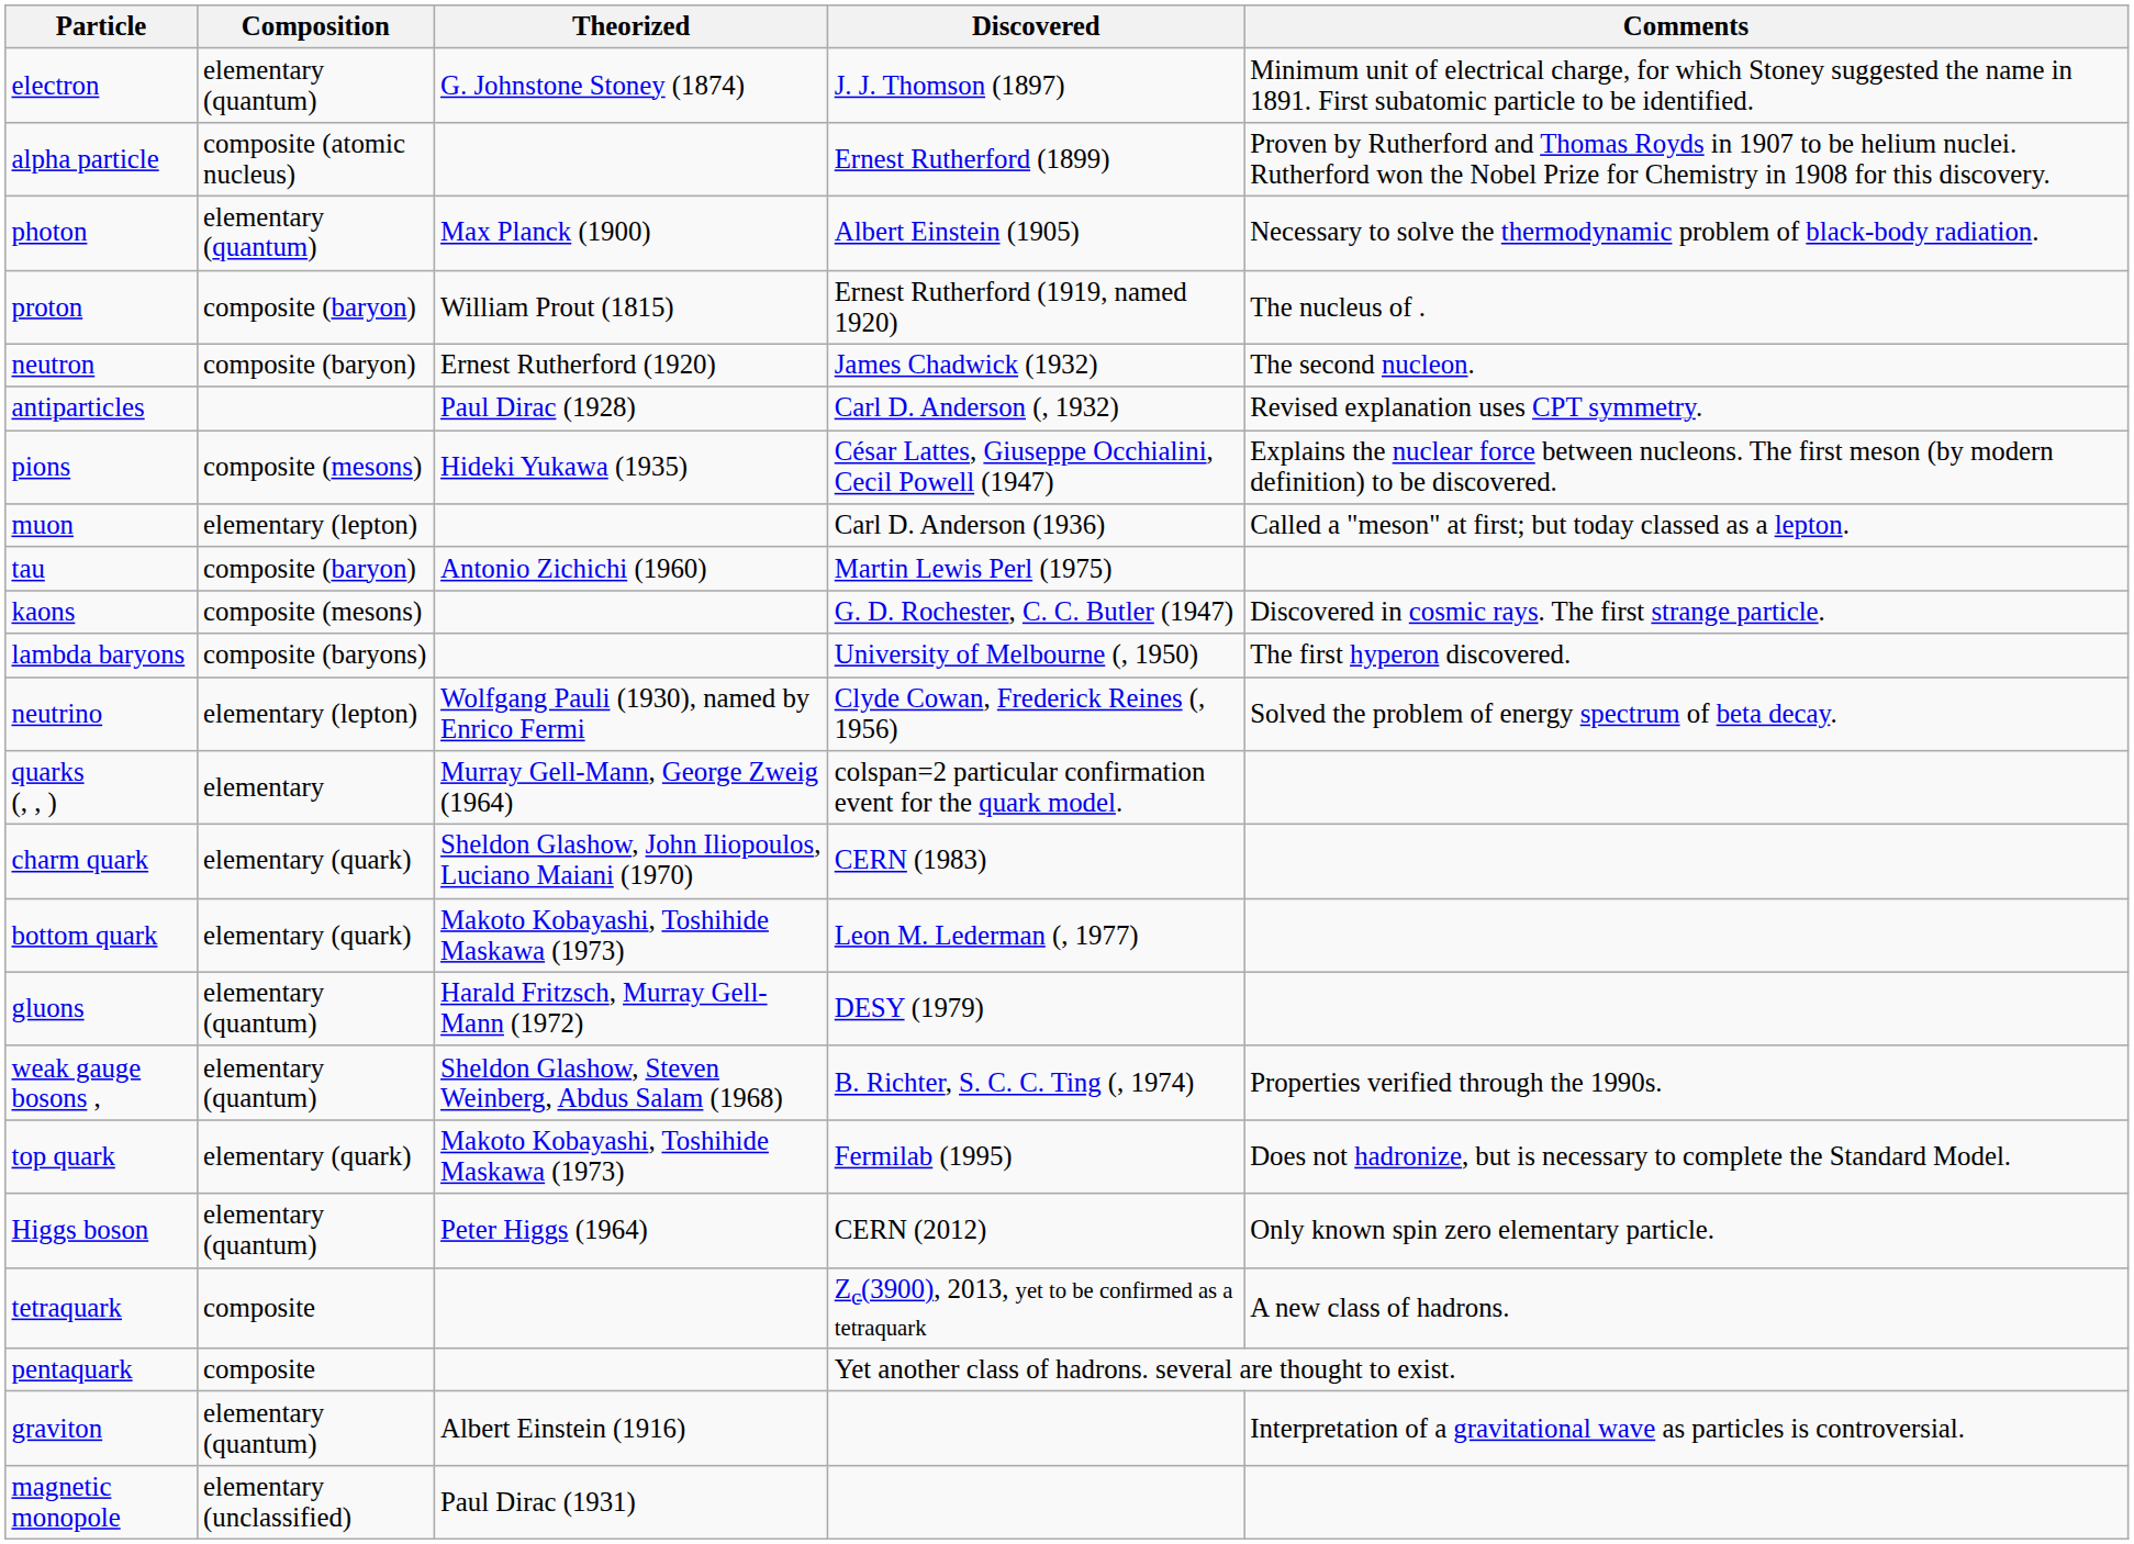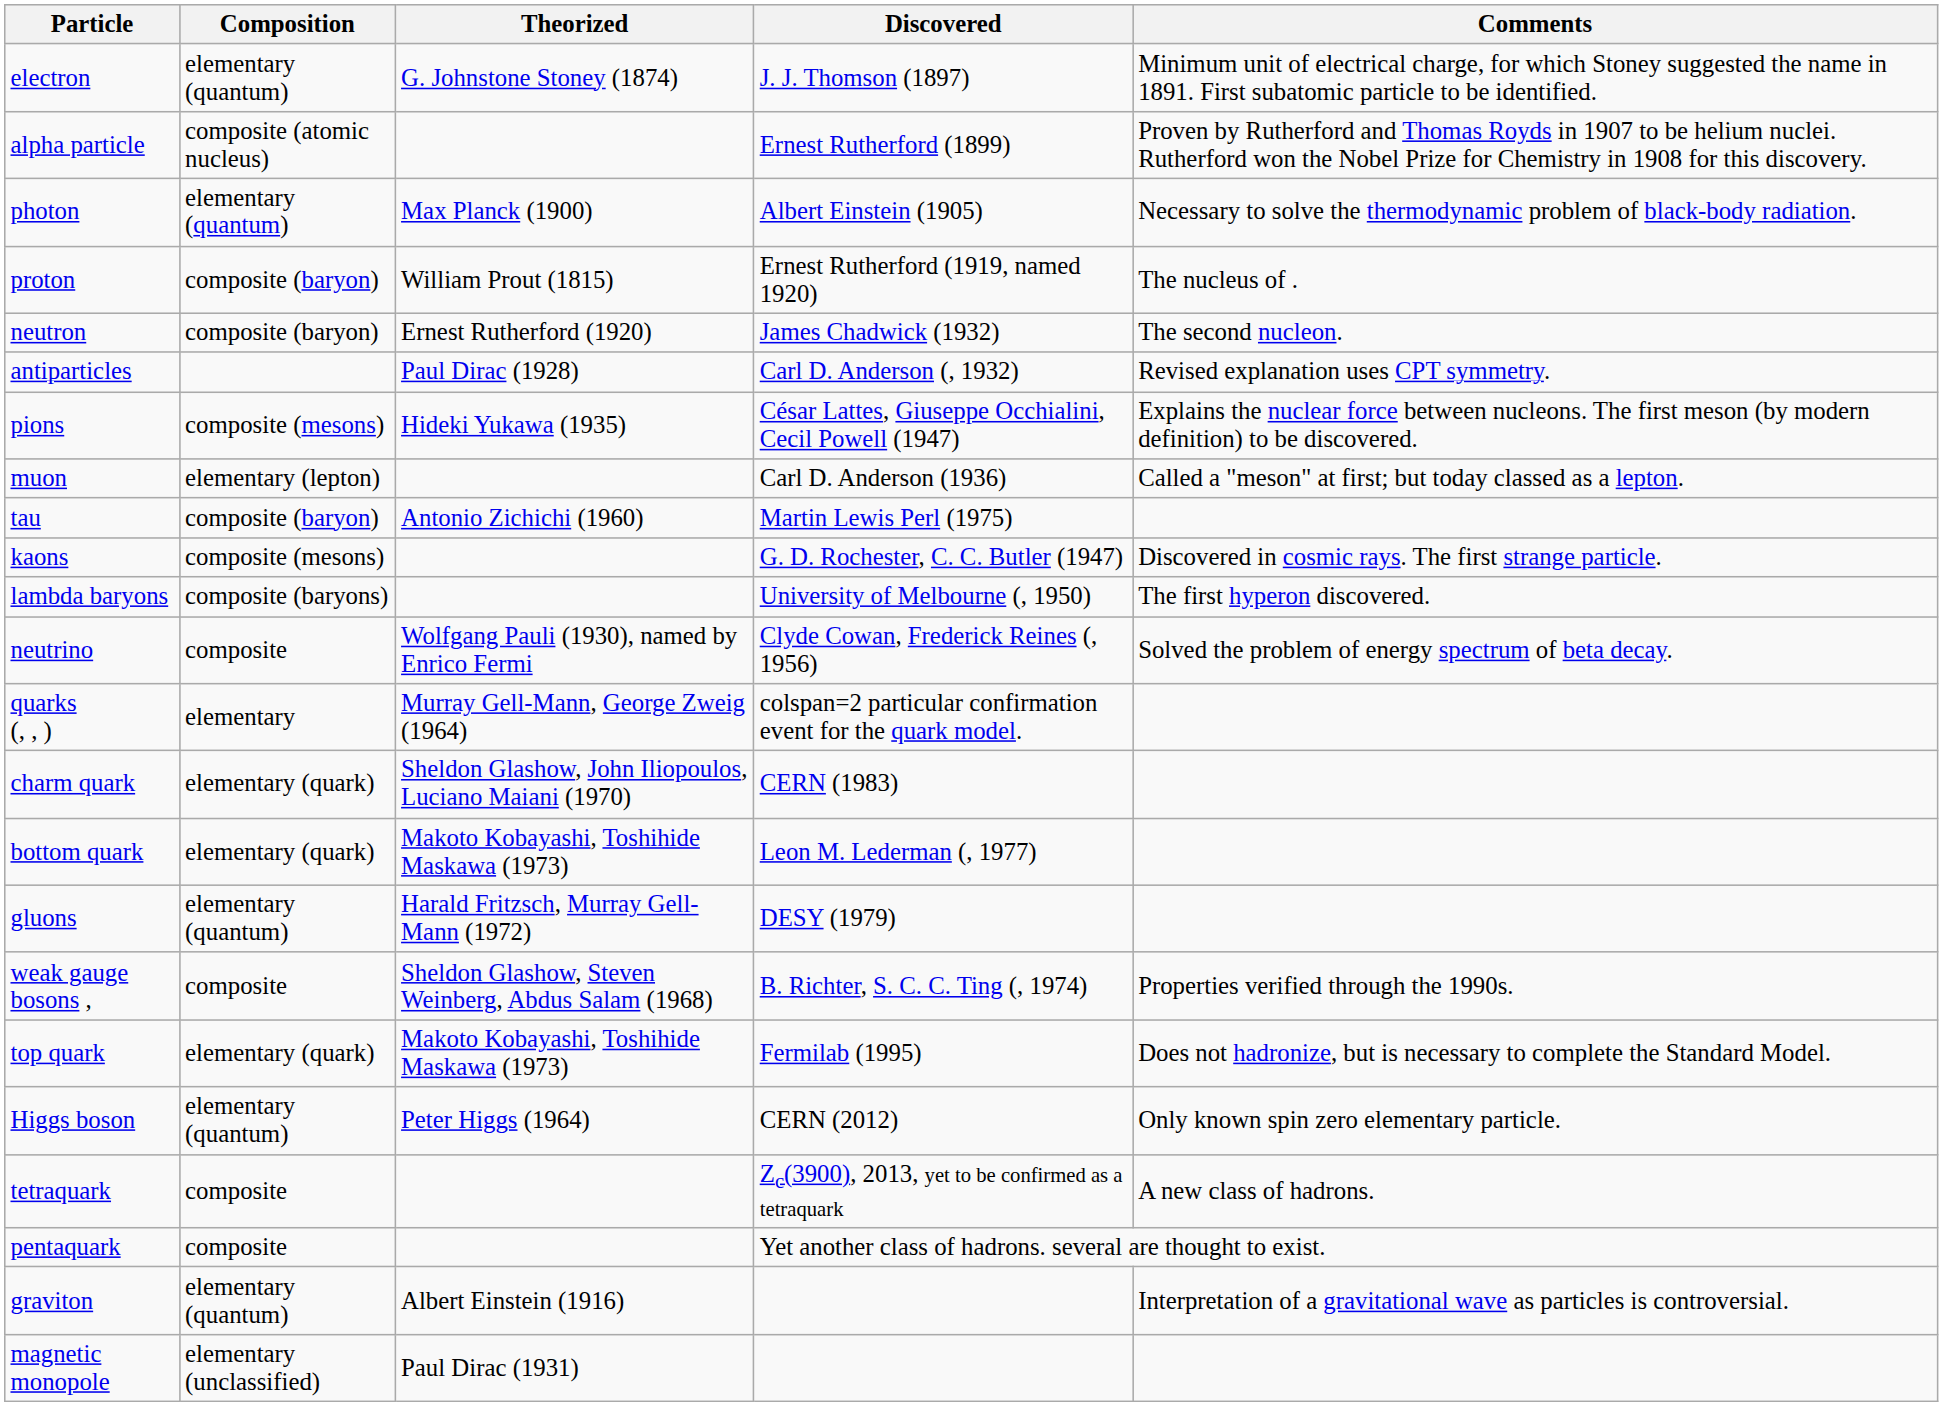 <table class="wikitable">
 <tr>
 <th>Particle</th>
 <th>Composition</th>
 <th>Theorized</th>
 <th>Discovered</th>
 <th>Comments</th>
 </tr>
 <tr>
 <td><a href='#'>electron</a> </td>
 <td>elementary (quantum)</td>
 <td><a href='#'>G. Johnstone Stoney</a> (1874)</td>
 <td><a href='#'>J. J. Thomson</a> (1897)</td>
 <td>Minimum unit of electrical charge, for which Stoney suggested the name in 1891. First subatomic particle to be identified.</td>
 </tr>
 <tr>
 <td><a href='#'>alpha particle</a> </td>
 <td>composite (atomic nucleus)</td>
 <td></td>
 <td><a href='#'>Ernest Rutherford</a> (1899)</td>
 <td>Proven by Rutherford and <a href='#'>Thomas Royds</a> in 1907 to be helium nuclei. Rutherford won the Nobel Prize for Chemistry in 1908 for this discovery.</td>
 </tr>
 <tr>
 <td><a href='#'>photon</a> </td>
 <td>elementary (<a href='#'>quantum</a>)</td>
 <td><a href='#'>Max Planck</a> (1900)</td>
 <td><a href='#'>Albert Einstein</a> (1905)</td>
 <td>Necessary to solve the <a href='#'>thermodynamic</a> problem of <a href='#'>black-body radiation</a>.</td>
 </tr>
 <tr>
 <td><a href='#'>proton</a> </td>
 <td>composite (<a href='#'>baryon</a>)</td>
 <td>William Prout (1815)</td>
 <td>Ernest Rutherford (1919, named 1920)</td>
 <td>The nucleus of .</td>
 </tr>
 <tr>
 <td><a href='#'>neutron</a> </td>
 <td>composite (baryon)</td>
 <td>Ernest Rutherford (1920)</td>
 <td><a href='#'>James Chadwick</a> (1932) </td>
 <td>The second <a href='#'>nucleon</a>.</td>
 </tr>
 <tr>
 <td><a href='#'>antiparticles</a></td>
 <td> </td>
 <td><a href='#'>Paul Dirac</a> (1928)</td>
 <td><a href='#'>Carl D. Anderson</a> (, 1932)</td>
 <td>Revised explanation uses <a href='#'>CPT symmetry</a>.</td>
 </tr>
 <tr>
 <td><a href='#'>pions</a> </td>
 <td>composite (<a href='#'>mesons</a>)</td>
 <td><a href='#'>Hideki Yukawa</a> (1935)</td>
 <td><a href='#'>César Lattes</a>, <a href='#'>Giuseppe Occhialini</a>, <a href='#'>Cecil Powell</a> (1947)</td>
 <td>Explains the <a href='#'>nuclear force</a> between nucleons. The first meson (by modern definition) to be discovered.</td>
 </tr>
 <tr>
 <td><a href='#'>muon</a> </td>
 <td>elementary (lepton)</td>
 <td></td>
 <td>Carl D. Anderson (1936)</td>
 <td>Called a "meson" at first; but today classed as a <a href='#'>lepton</a>.</td>
 </tr>
 <tr>
 <td><a href='#'>tau</a> </td>
 <td>composite (<a href='#'>baryon</a>)</td>
 <td><a href='#'>Antonio Zichichi</a> (1960) </td>
 <td><a href='#'>Martin Lewis Perl</a> (1975)</td>
 </tr>
 <tr>
 <td><a href='#'>kaons</a> </td>
 <td>composite (mesons)</td>
 <td></td>
 <td><a href='#'>G. D. Rochester</a>, <a href='#'>C. C. Butler</a> (1947)</td>
 <td>Discovered in <a href='#'>cosmic rays</a>. The first <a href='#'>strange particle</a>.</td>
 </tr>
 <tr>
 <td><a href='#'>lambda baryons</a> </td>
 <td>composite (baryons)</td>
 <td></td>
 <td><a href='#'>University of Melbourne</a> (, 1950)</td>
 <td>The first <a href='#'>hyperon</a> discovered.</td>
 </tr>
 <tr>
 <td><a href='#'>neutrino</a> </td>
-<td>elementary (lepton)</td>
+<td>composite</td>
 <td><a href='#'>Wolfgang Pauli</a> (1930), named by <a href='#'>Enrico Fermi</a></td>
 <td><a href='#'>Clyde Cowan</a>, <a href='#'>Frederick Reines</a> (, 1956)</td>
 <td>Solved the problem of energy <a href='#'>spectrum</a> of <a href='#'>beta decay</a>.</td>
 </tr>
 <tr>
 <td><a href='#'>quarks</a><br>(, , )</td>
 <td>elementary</td>
 <td><a href='#'>Murray Gell-Mann</a>, <a href='#'>George Zweig</a> (1964)</td>
 <td>colspan=2  particular confirmation event for the <a href='#'>quark model</a>.</td>
 </tr>
 <tr>
 <td><a href='#'>charm quark</a> </td>
 <td>elementary (quark)</td>
 <td><a href='#'>Sheldon Glashow</a>, <a href='#'>John Iliopoulos</a>, <a href='#'>Luciano Maiani</a> (1970)</td>
 <td><a href='#'>CERN</a> (1983)</td>
 <td></td>
 </tr>
 <tr>
 <td><a href='#'>bottom quark</a> </td>
 <td>elementary (quark)</td>
 <td><a href='#'>Makoto Kobayashi</a>, <a href='#'>Toshihide Maskawa</a> (1973)</td>
 <td><a href='#'>Leon M. Lederman</a> (, 1977)</td>
 <td></td>
 </tr>
 <tr>
 <td><a href='#'>gluons</a></td>
 <td>elementary (quantum)</td>
 <td><a href='#'>Harald Fritzsch</a>, <a href='#'>Murray Gell-Mann</a> (1972)</td>
 <td><a href='#'>DESY</a> (1979)</td>
 <td></td>
 </tr>
 <tr>
 <td><a href='#'>weak gauge bosons</a> , </td>
-<td>elementary (quantum)</td>
+<td>composite</td>
 <td><a href='#'>Sheldon Glashow</a>, <a href='#'>Steven Weinberg</a>, <a href='#'>Abdus Salam</a> (1968)</td>
 <td><a href='#'>B. Richter</a>, <a href='#'>S. C. C. Ting</a> (, 1974)</td>
 <td>Properties verified through the 1990s.</td>
 </tr>
 <tr>
 <td><a href='#'>top quark</a> </td>
 <td>elementary (quark)</td>
 <td><a href='#'>Makoto Kobayashi</a>, <a href='#'>Toshihide Maskawa</a> (1973)</td>
 <td><a href='#'>Fermilab</a> (1995)</td>
 <td>Does not <a href='#'>hadronize</a>, but is necessary to complete the Standard Model.</td>
 </tr>
 <tr>
 <td><a href='#'>Higgs boson</a></td>
 <td>elementary (quantum)</td>
 <td><a href='#'>Peter Higgs</a> (1964)</td>
 <td>CERN (2012)</td>
 <td>Only known spin zero elementary particle.</td>
 </tr>
 <tr>
 <td><a href='#'>tetraquark</a></td>
 <td>composite</td>
 <td></td>
 <td><a href='#'>Z<sub>c</sub>(3900)</a>, 2013, <small>yet to be confirmed as a tetraquark</small></td>
 <td>A new class of hadrons.</td>
 </tr>
 <tr>
 <td><a href='#'>pentaquark</a></td>
 <td>composite</td>
 <td></td>
 <td colspan=2>Yet another class of hadrons.  several are thought to exist.</td>
 </tr>
 <tr>
 <td><a href='#'>graviton</a></td>
 <td>elementary (quantum)</td>
 <td>Albert Einstein (1916)</td>
 <td></td>
 <td>Interpretation of a <a href='#'>gravitational wave</a> as particles is controversial.</td>
 </tr>
 <tr>
 <td><a href='#'>magnetic monopole</a></td>
 <td>elementary (unclassified)</td>
 <td>Paul Dirac (1931)</td>
 <td></td>
 <td></td>
 </tr>
 </table>
